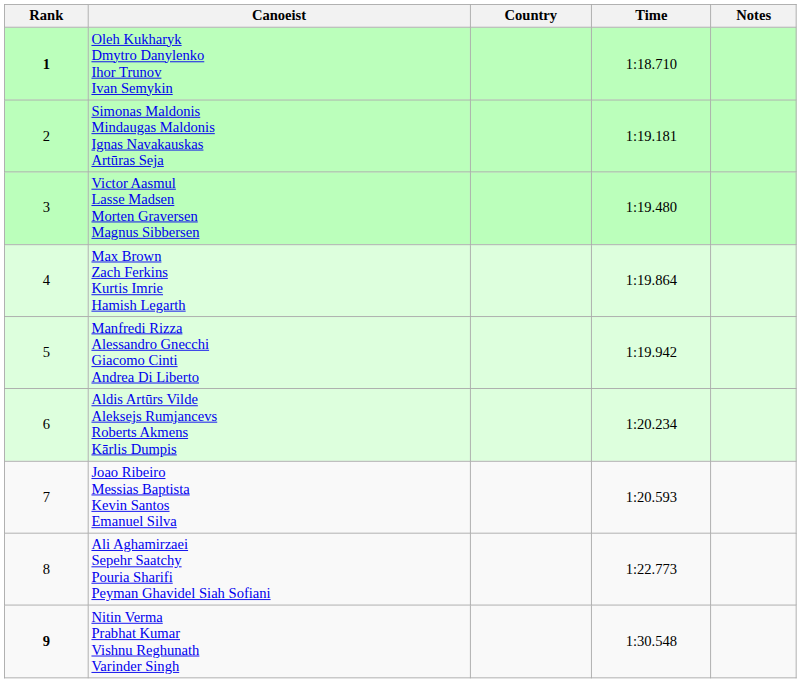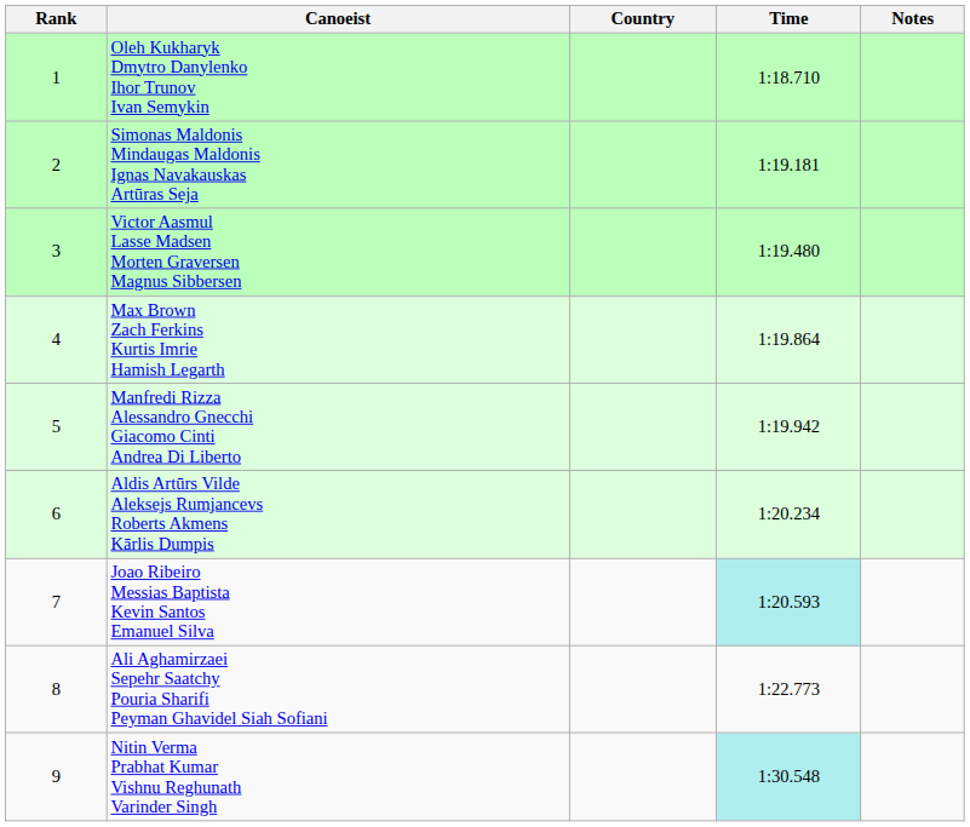 <table class="wikitable" style="text-align:center;width: 55%">
 <tr>
 <th>Rank</th>
 <th>Canoeist</th>
 <th>Country</th>
 <th>Time</th>
 <th>Notes</th>
 </tr>
 <tr bgcolor=bbffbb>
-<td><strong>1</strong></td>
+<td>1</td>
 <td align="left"><a href='#'>Oleh Kukharyk</a><br><a href='#'>Dmytro Danylenko</a><br><a href='#'>Ihor Trunov</a><br><a href='#'>Ivan Semykin</a></td>
 <td align="left"></td>
 <td>1:18.710</td>
 <td></td>
 </tr>
 <tr bgcolor=bbffbb>
 <td>2</td>
 <td align="left"><a href='#'>Simonas Maldonis</a><br><a href='#'>Mindaugas Maldonis</a><br><a href='#'>Ignas Navakauskas</a><br><a href='#'>Artūras Seja</a></td>
 <td align="left"></td>
 <td>1:19.181</td>
 <td></td>
 </tr>
 <tr bgcolor=bbffbb>
 <td>3</td>
 <td align="left"><a href='#'>Victor Aasmul</a><br><a href='#'>Lasse Madsen</a><br><a href='#'>Morten Graversen</a><br><a href='#'>Magnus Sibbersen</a></td>
 <td align="left"></td>
 <td>1:19.480</td>
 <td></td>
 </tr>
 <tr bgcolor=ddffdd>
 <td>4</td>
 <td align="left"><a href='#'>Max Brown</a><br><a href='#'>Zach Ferkins</a><br><a href='#'>Kurtis Imrie</a><br><a href='#'>Hamish Legarth</a></td>
 <td align="left"></td>
 <td>1:19.864</td>
 <td></td>
 </tr>
 <tr bgcolor=ddffdd>
 <td>5</td>
 <td align="left"><a href='#'>Manfredi Rizza</a><br><a href='#'>Alessandro Gnecchi</a><br><a href='#'>Giacomo Cinti</a><br><a href='#'>Andrea Di Liberto</a></td>
 <td align="left"></td>
 <td>1:19.942</td>
 <td></td>
 </tr>
 <tr bgcolor=ddffdd>
 <td>6</td>
 <td align="left"><a href='#'>Aldis Artūrs Vilde</a><br><a href='#'>Aleksejs Rumjancevs</a><br><a href='#'>Roberts Akmens</a><br><a href='#'>Kārlis Dumpis</a></td>
 <td align="left"></td>
 <td>1:20.234</td>
 <td></td>
 </tr>
 <tr>
 <td>7</td>
 <td align="left"><a href='#'>Joao Ribeiro</a><br><a href='#'>Messias Baptista</a><br><a href='#'>Kevin Santos</a><br><a href='#'>Emanuel Silva</a></td>
 <td align="left"></td>
-<td>1:20.593</td>
+<td style="background: paleturquoise;">1:20.593</td>
 </tr>
 <tr>
 <td>8</td>
 <td align="left"><a href='#'>Ali Aghamirzaei</a><br><a href='#'>Sepehr Saatchy</a><br><a href='#'>Pouria Sharifi</a><br><a href='#'>Peyman Ghavidel Siah Sofiani</a></td>
 <td align="left"></td>
 <td>1:22.773</td>
 <td></td>
 </tr>
 <tr>
-<td><strong>9</strong></td>
+<td>9</td>
 <td align="left"><a href='#'>Nitin Verma</a><br><a href='#'>Prabhat Kumar</a><br><a href='#'>Vishnu Reghunath</a><br><a href='#'>Varinder Singh</a></td>
 <td align="left"></td>
-<td>1:30.548</td>
+<td style="background: paleturquoise;">1:30.548</td>
 <td></td>
 </tr>
 </table>
